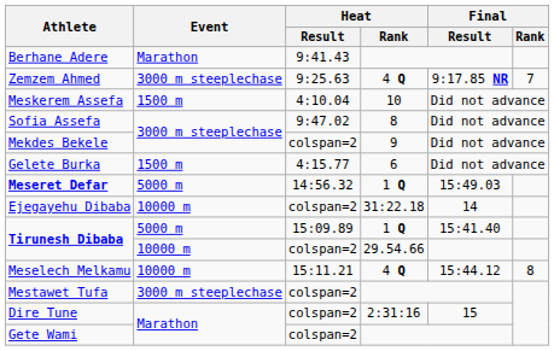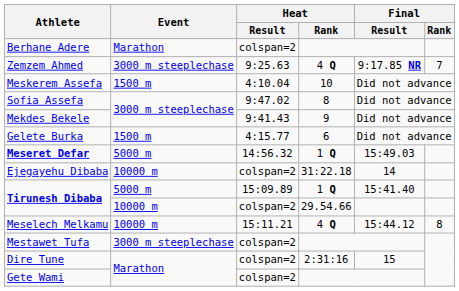 <table class=wikitable style="font-size:90%">
 <tr>
 <th rowspan="2">Athlete</th>
 <th rowspan="2">Event</th>
 <th colspan="2">Heat</th>
 <th colspan="2">Final</th>
 </tr>
 <tr style="font-size:95%">
 <th>Result</th>
 <th>Rank</th>
 <th>Result</th>
 <th>Rank</th>
 </tr>
 <tr align=center>
 <td align=left><a href='#'>Berhane Adere</a></td>
 <td align=left><a href='#'>Marathon</a></td>
-<td>9:41.43</td>
+<td>colspan=2 </td>
 <td colspan=2></td>
 </tr>
 <tr align=center>
 <td align=left><a href='#'>Zemzem Ahmed</a></td>
 <td align=left><a href='#'>3000 m steeplechase</a></td>
 <td>9:25.63</td>
 <td>4 <strong>Q</strong></td>
 <td>9:17.85 <strong><a href='#'>NR</a></strong></td>
 <td>7</td>
 </tr>
 <tr align=center>
 <td align=left><a href='#'>Meskerem Assefa</a></td>
 <td align=left><a href='#'>1500 m</a></td>
 <td>4:10.04</td>
 <td>10</td>
 <td colspan=2>Did not advance</td>
 </tr>
 <tr align=center>
 <td align=left><a href='#'>Sofia Assefa</a></td>
 <td align=left rowspan=2><a href='#'>3000 m steeplechase</a></td>
 <td>9:47.02</td>
 <td>8</td>
 <td colspan=2>Did not advance</td>
 </tr>
 <tr align=center>
 <td align=left><a href='#'>Mekdes Bekele</a></td>
-<td>colspan=2 </td>
+<td>9:41.43</td>
 <td>9</td>
 <td colspan=2>Did not advance</td>
 </tr>
 <tr align=center>
 <td align=left><a href='#'>Gelete Burka</a></td>
 <td align=left><a href='#'>1500 m</a></td>
 <td>4:15.77</td>
 <td>6</td>
 <td colspan=2>Did not advance</td>
 </tr>
 <tr align=center>
 <td align=left><strong><a href='#'>Meseret Defar</a></strong></td>
 <td align=left><a href='#'>5000 m</a></td>
 <td>14:56.32</td>
 <td>1 <strong>Q</strong></td>
 <td>15:49.03</td>
 <td></td>
 </tr>
 <tr align=center>
 <td align=left><a href='#'>Ejegayehu Dibaba</a></td>
 <td align=left><a href='#'>10000 m</a></td>
 <td>colspan=2 </td>
 <td>31:22.18</td>
 <td>14</td>
 </tr>
 <tr align=center>
 <td align=left rowspan=2><strong><a href='#'>Tirunesh Dibaba</a></strong></td>
 <td align=left><a href='#'>5000 m</a></td>
 <td>15:09.89</td>
 <td>1 <strong>Q</strong></td>
 <td>15:41.40</td>
 <td></td>
 </tr>
 <tr align=center>
 <td align=left><a href='#'>10000 m</a></td>
 <td>colspan=2 </td>
 <td>29.54.66 </td>
 <td></td>
 </tr>
 <tr align=center>
 <td align=left><a href='#'>Meselech Melkamu</a></td>
 <td align=left><a href='#'>10000 m</a></td>
 <td>15:11.21</td>
 <td>4 <strong>Q</strong></td>
 <td>15:44.12</td>
 <td>8</td>
 </tr>
 <tr align=center>
 <td align=left><a href='#'>Mestawet Tufa</a></td>
 <td align=left><a href='#'>3000 m steeplechase</a></td>
 <td>colspan=2 </td>
 <td colspan=2></td>
 </tr>
 <tr align=center>
 <td align=left><a href='#'>Dire Tune</a></td>
 <td align=left rowspan=2><a href='#'>Marathon</a></td>
 <td>colspan=2 </td>
 <td>2:31:16</td>
 <td>15</td>
 </tr>
 <tr align=center>
 <td align=left><a href='#'>Gete Wami</a></td>
 <td>colspan=2 </td>
 <td colspan=2></td>
 </tr>
 </table>
